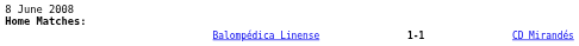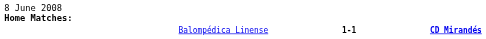 <table width=100% cellspacing=1>
 <tr>
 <th width=20%></th>
 <th width=12%></th>
 <th width=20%></th>
 <th></th>
 </tr>
 <tr>
 <td>8 June 2008<br><strong>Home Matches:</strong></td>
 </tr>
 <tr style=font-size:90%>
 <td align=right><a href='#'>Balompédica Linense</a></td>
 <td align=center><strong>1-1</strong></td>
-<td><a href='#'>CD Mirandés</a></td>
+<td><strong><a href='#'>CD Mirandés</a></strong></td>
 </tr>
 </table>
